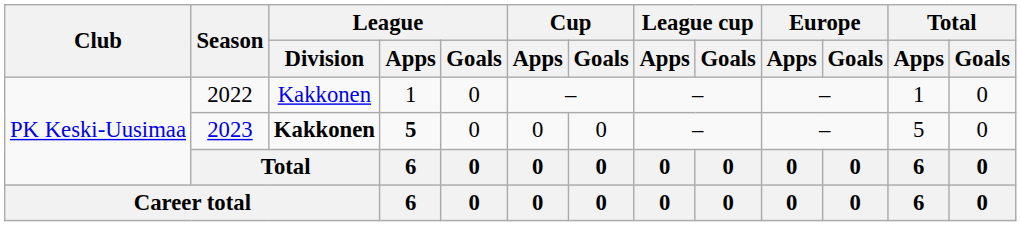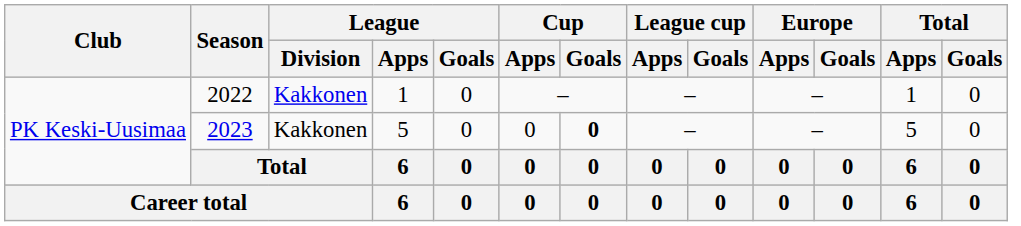 <table class="wikitable" style="text-align:center">
 <tr>
 <th rowspan="2">Club</th>
 <th rowspan="2">Season</th>
 <th colspan="3">League</th>
 <th colspan="2">Cup</th>
 <th colspan="2">League cup</th>
 <th colspan="2">Europe</th>
 <th colspan="2">Total</th>
 </tr>
 <tr>
 <th>Division</th>
 <th>Apps</th>
 <th>Goals</th>
 <th>Apps</th>
 <th>Goals</th>
 <th>Apps</th>
 <th>Goals</th>
 <th>Apps</th>
 <th>Goals</th>
 <th>Apps</th>
 <th>Goals</th>
 </tr>
 <tr>
 <td rowspan=3><a href='#'>PK Keski-Uusimaa</a></td>
 <td>2022</td>
 <td><a href='#'>Kakkonen</a></td>
 <td>1</td>
 <td>0</td>
 <td colspan=2>–</td>
 <td colspan=2>–</td>
 <td colspan=2>–</td>
 <td>1</td>
 <td>0</td>
 </tr>
 <tr>
 <td><a href='#'>2023</a></td>
-<td><strong>Kakkonen</strong></td>
-<td><strong>5</strong></td>
+<td>Kakkonen</td>
+<td>5</td>
 <td>0</td>
 <td>0</td>
-<td>0</td>
+<td><strong>0</strong></td>
 <td colspan=2>–</td>
 <td colspan=2>–</td>
 <td>5</td>
 <td>0</td>
 </tr>
 <tr>
 <th colspan="2">Total</th>
 <th>6</th>
 <th>0</th>
 <th>0</th>
 <th>0</th>
 <th>0</th>
 <th>0</th>
 <th>0</th>
 <th>0</th>
 <th>6</th>
 <th>0</th>
 </tr>
 <tr>
 <th colspan="3">Career total</th>
 <th>6</th>
 <th>0</th>
 <th>0</th>
 <th>0</th>
 <th>0</th>
 <th>0</th>
 <th>0</th>
 <th>0</th>
 <th>6</th>
 <th>0</th>
 </tr>
 </table>
